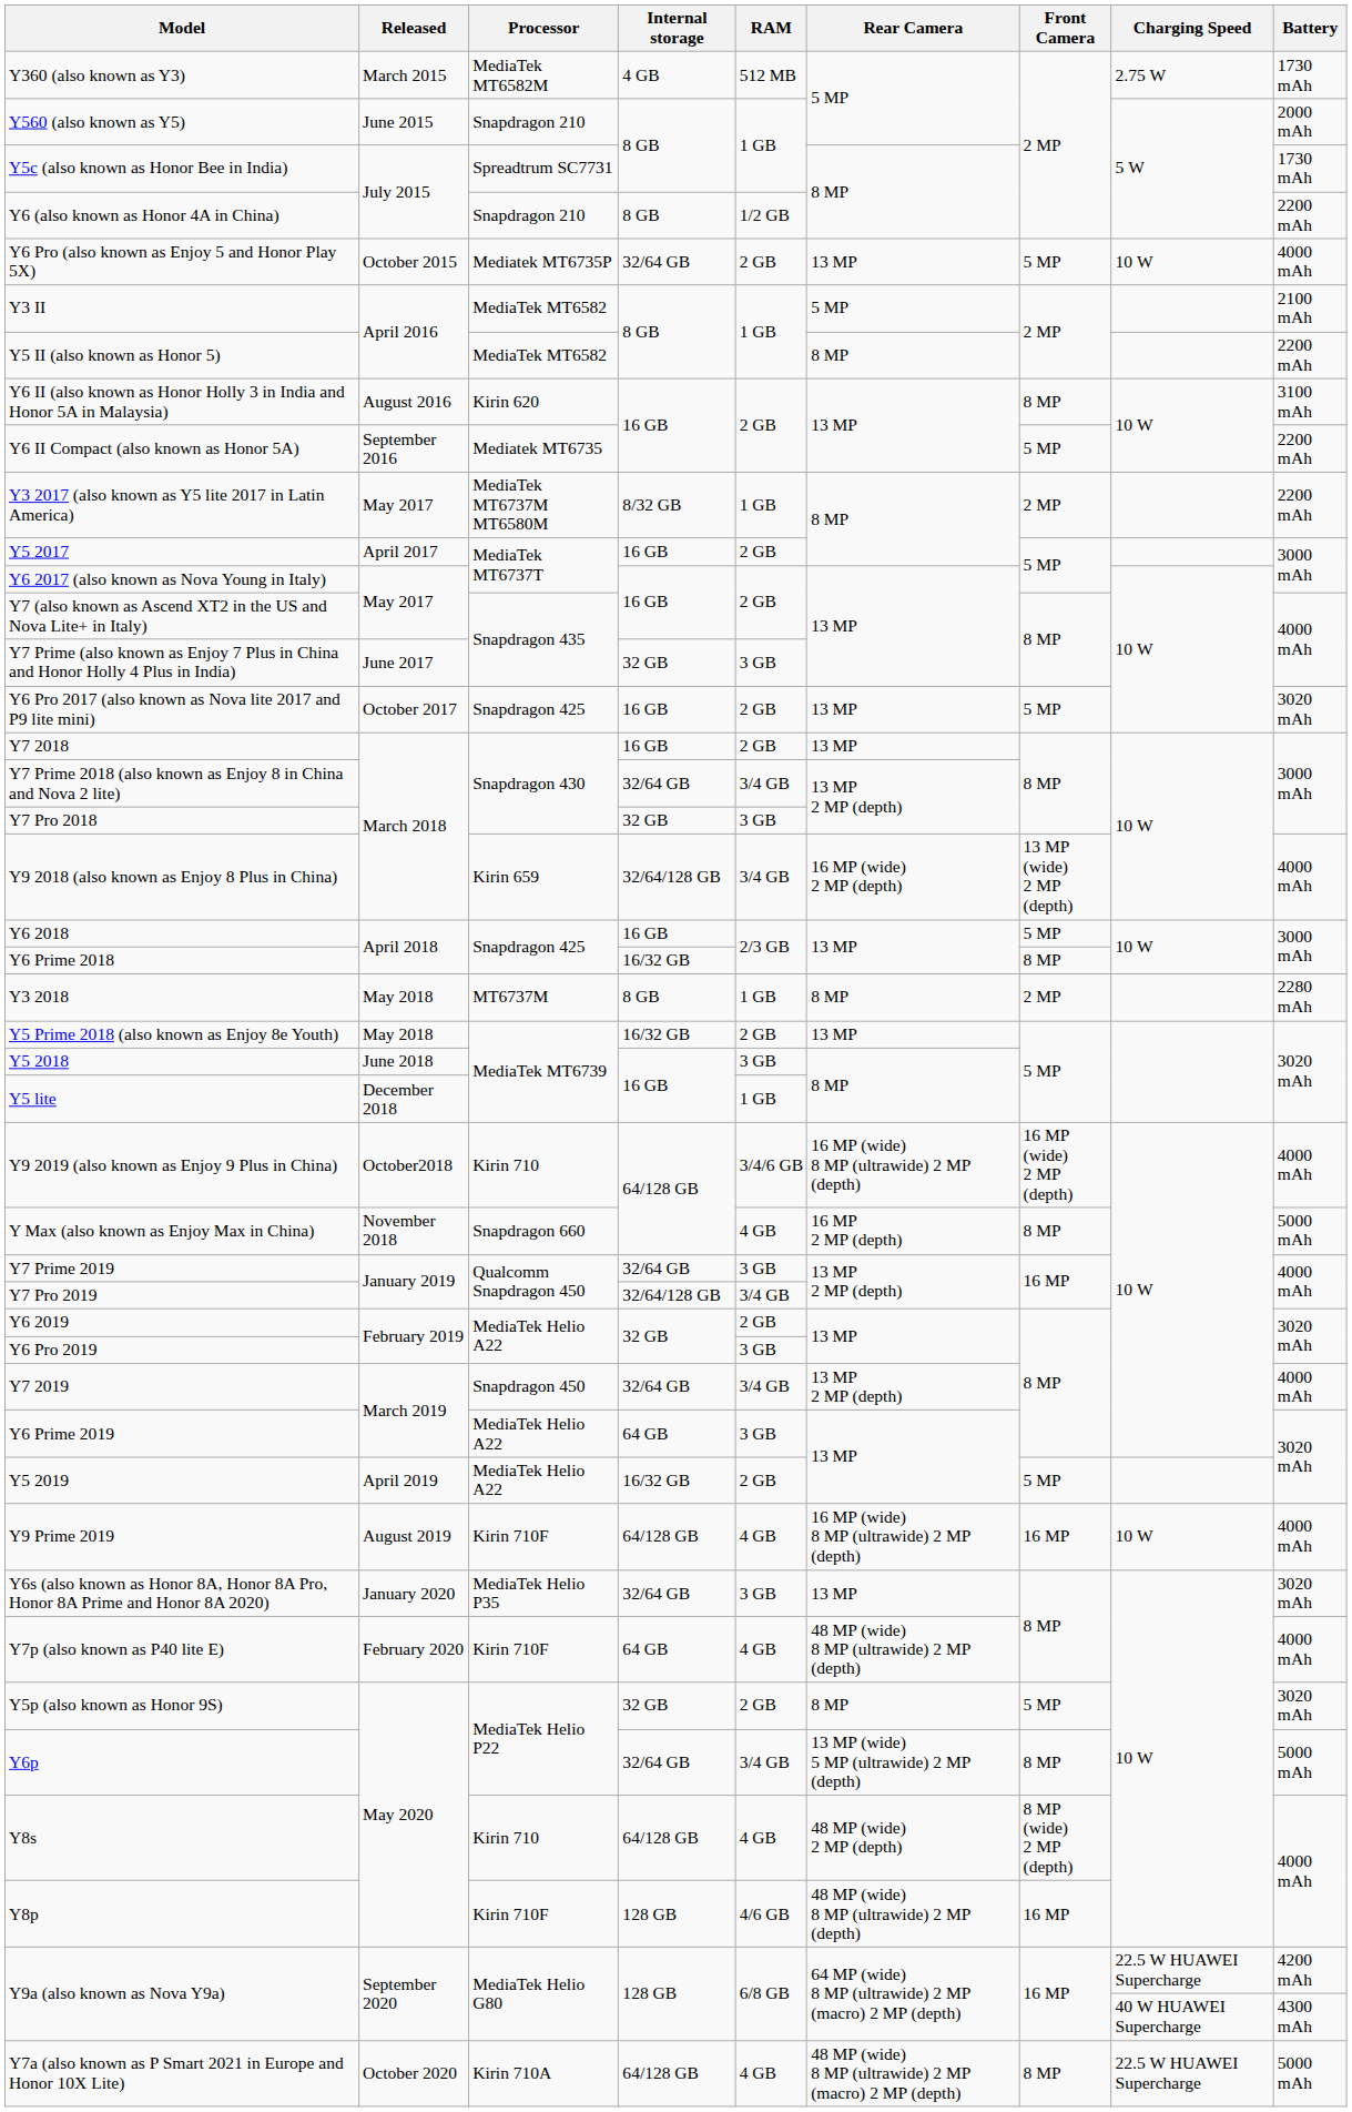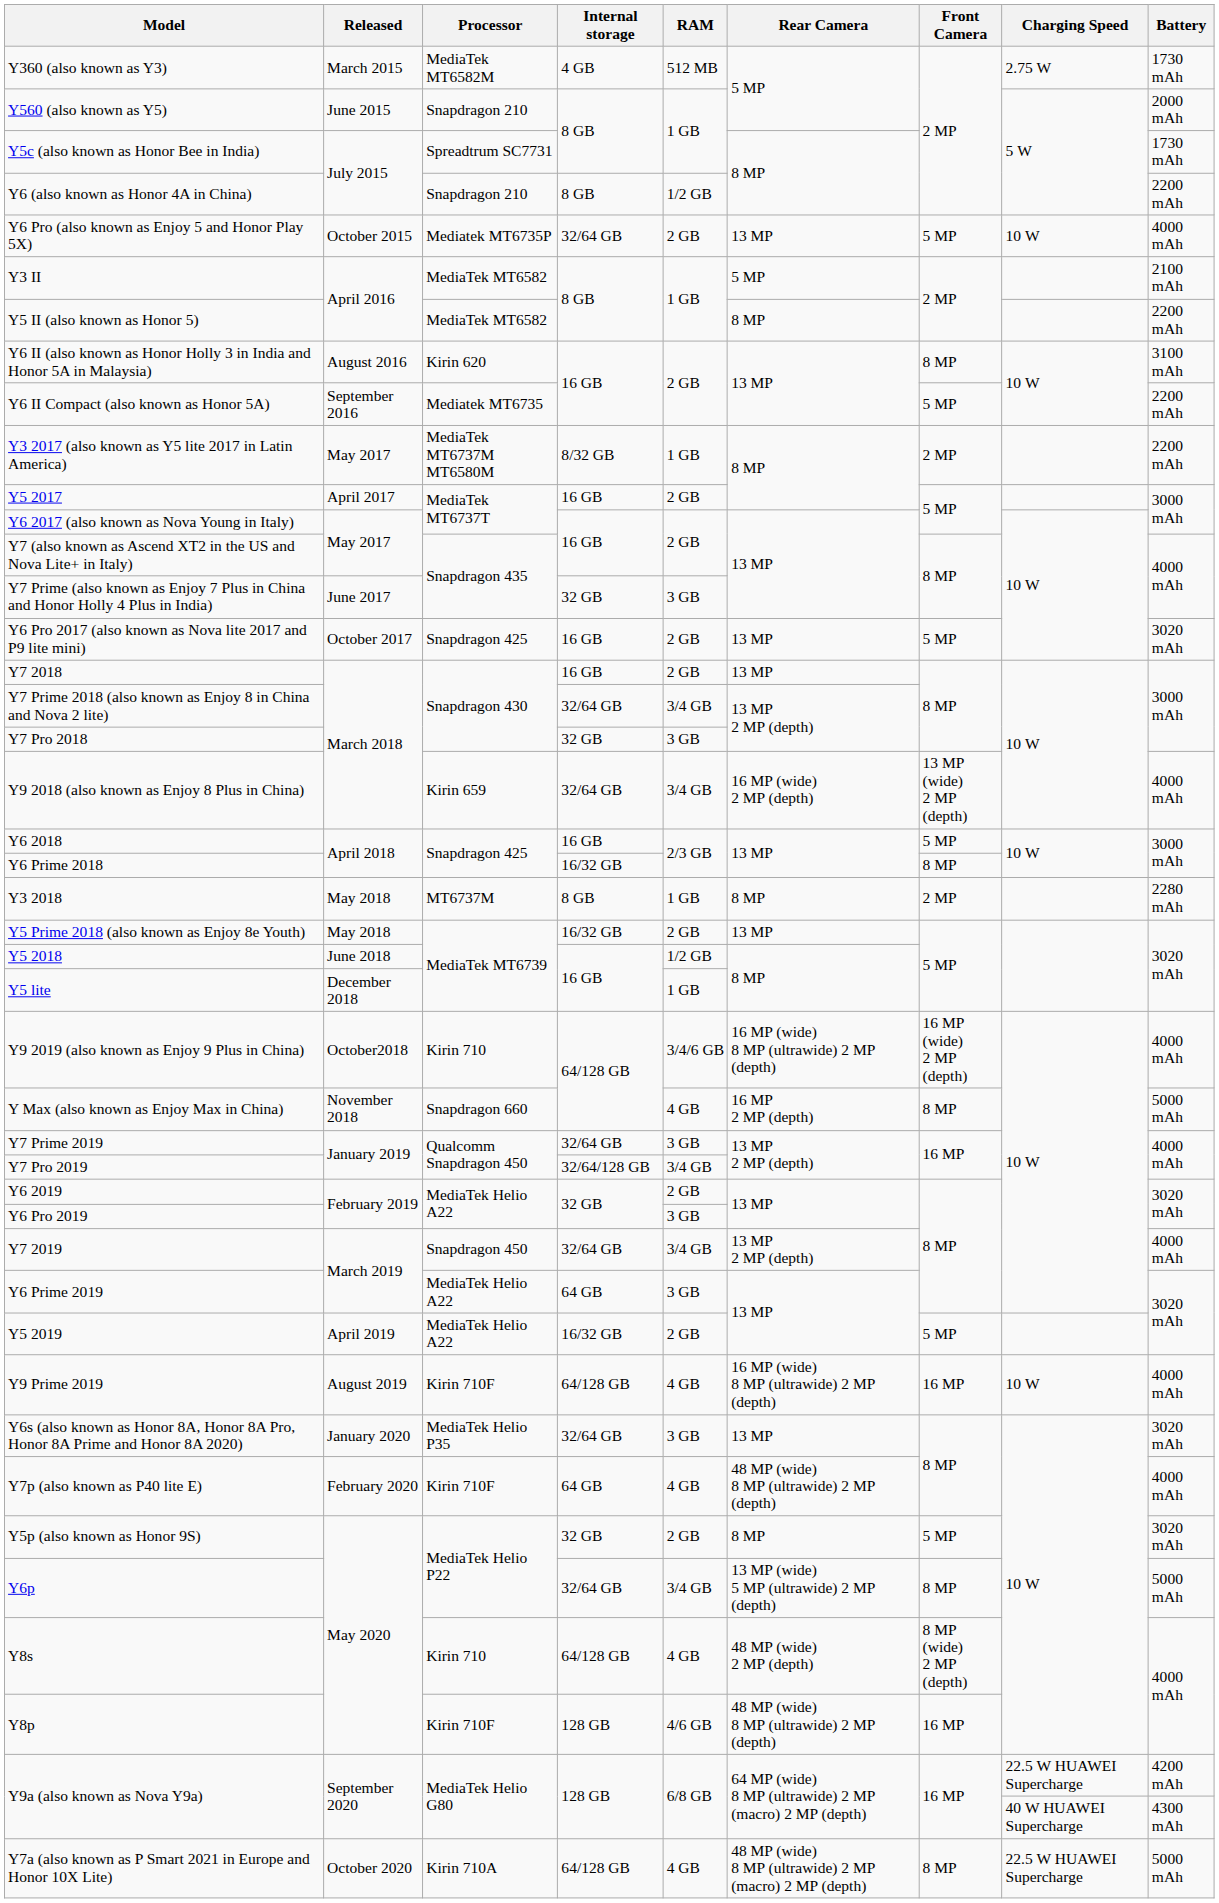 <table class="wikitable sortable">
 <tr>
 <th>Model</th>
 <th>Released</th>
 <th>Processor</th>
 <th>Internal storage</th>
 <th>RAM</th>
 <th>Rear Camera</th>
 <th>Front Camera</th>
 <th>Charging Speed</th>
 <th>Battery</th>
 </tr>
 <tr>
 <td>Y360 (also known as Y3)</td>
 <td>March 2015</td>
 <td>MediaTek MT6582M</td>
 <td>4 GB</td>
 <td>512 MB</td>
 <td rowspan="2">5 MP</td>
 <td rowspan="4">2 MP</td>
 <td>2.75 W</td>
 <td>1730 mAh</td>
 </tr>
 <tr>
 <td><a href='#'>Y560</a> (also known as Y5)</td>
 <td>June 2015</td>
 <td>Snapdragon 210</td>
 <td rowspan="2">8 GB</td>
 <td rowspan="2">1 GB</td>
 <td rowspan="3">5 W</td>
 <td>2000 mAh</td>
 </tr>
 <tr>
 <td><a href='#'>Y5c</a> (also known as Honor Bee in India)</td>
 <td rowspan="2">July 2015</td>
 <td>Spreadtrum SC7731</td>
 <td rowspan="2">8 MP</td>
 <td>1730 mAh</td>
 </tr>
 <tr>
 <td>Y6 (also known as Honor 4A in China)</td>
 <td>Snapdragon 210</td>
 <td>8 GB</td>
 <td>1/2 GB</td>
 <td>2200 mAh</td>
 </tr>
 <tr>
 <td>Y6 Pro (also known as Enjoy 5 and Honor Play 5X)</td>
 <td>October 2015</td>
 <td>Mediatek MT6735P</td>
 <td>32/64 GB</td>
 <td>2 GB</td>
 <td>13 MP</td>
 <td>5 MP</td>
 <td>10 W</td>
 <td>4000 mAh</td>
 </tr>
 <tr>
 <td>Y3 II</td>
 <td rowspan="2">April 2016</td>
 <td>MediaTek MT6582</td>
 <td rowspan="2">8 GB</td>
 <td rowspan="2">1 GB</td>
 <td>5 MP</td>
 <td rowspan="2">2 MP</td>
 <td></td>
 <td>2100 mAh</td>
 </tr>
 <tr>
 <td>Y5 II (also known as Honor 5)</td>
 <td>MediaTek MT6582</td>
 <td>8 MP</td>
 <td></td>
 <td>2200 mAh</td>
 </tr>
 <tr>
 <td>Y6 II (also known as Honor Holly 3 in India and Honor 5A in Malaysia)</td>
 <td>August 2016</td>
 <td>Kirin 620</td>
 <td rowspan="2">16 GB</td>
 <td rowspan="2">2 GB</td>
 <td rowspan="2">13 MP</td>
 <td>8 MP</td>
 <td rowspan="2">10 W</td>
 <td>3100 mAh</td>
 </tr>
 <tr>
 <td>Y6 II Compact (also known as Honor 5A)</td>
 <td>September 2016</td>
 <td>Mediatek MT6735</td>
 <td>5 MP</td>
 <td>2200 mAh</td>
 </tr>
 <tr>
 <td><a href='#'>Y3 2017</a> (also known as Y5 lite 2017 in Latin America)</td>
 <td>May 2017</td>
 <td>MediaTek MT6737M<br>MT6580M</td>
 <td>8/32 GB</td>
 <td>1 GB</td>
 <td rowspan="2">8 MP</td>
 <td>2 MP</td>
 <td></td>
 <td>2200 mAh</td>
 </tr>
 <tr>
 <td><a href='#'>Y5 2017</a></td>
 <td>April 2017</td>
 <td rowspan="2">MediaTek MT6737T</td>
 <td>16 GB</td>
 <td>2 GB</td>
 <td rowspan="2">5 MP</td>
 <td></td>
 <td rowspan="2">3000 mAh</td>
 </tr>
 <tr>
 <td><a href='#'>Y6 2017</a> (also known as Nova Young in Italy)</td>
 <td rowspan="2">May 2017</td>
 <td rowspan="2">16 GB</td>
 <td rowspan="2">2 GB</td>
 <td rowspan="3">13 MP</td>
 <td rowspan="4">10 W</td>
 </tr>
 <tr>
 <td>Y7 (also known as Ascend XT2 in the US and Nova Lite+ in Italy)</td>
 <td rowspan="2">Snapdragon 435</td>
 <td rowspan="2">8 MP</td>
 <td rowspan="2">4000 mAh</td>
 </tr>
 <tr>
 <td>Y7 Prime (also known as Enjoy 7 Plus in China and Honor Holly 4 Plus in India)</td>
 <td>June 2017</td>
 <td>32 GB</td>
 <td>3 GB</td>
 </tr>
 <tr>
 <td>Y6 Pro 2017 (also known as Nova lite 2017 and P9 lite mini)</td>
 <td>October 2017</td>
 <td>Snapdragon 425</td>
 <td>16 GB</td>
 <td>2 GB</td>
 <td>13 MP</td>
 <td>5 MP</td>
 <td>3020 mAh</td>
 </tr>
 <tr>
 <td>Y7 2018</td>
 <td rowspan="4">March 2018</td>
 <td rowspan="3">Snapdragon 430</td>
 <td>16 GB</td>
 <td>2 GB</td>
 <td>13 MP</td>
 <td rowspan="3">8 MP</td>
 <td rowspan="4">10 W</td>
 <td rowspan="3">3000 mAh</td>
 </tr>
 <tr>
 <td>Y7 Prime 2018 (also known as Enjoy 8 in China and Nova 2 lite)</td>
 <td>32/64 GB</td>
 <td>3/4 GB</td>
 <td rowspan="2">13 MP<br>2 MP (depth)</td>
 </tr>
 <tr>
 <td>Y7 Pro 2018</td>
 <td>32 GB</td>
 <td>3 GB</td>
 </tr>
 <tr>
 <td>Y9 2018 (also known as Enjoy 8 Plus in China)</td>
 <td>Kirin 659</td>
-<td>32/64/128 GB</td>
+<td>32/64 GB</td>
 <td>3/4 GB</td>
 <td>16 MP (wide)<br>2 MP (depth)</td>
 <td>13 MP (wide)<br>2 MP (depth)</td>
 <td>4000 mAh</td>
 </tr>
 <tr>
 <td>Y6 2018</td>
 <td rowspan="2">April 2018</td>
 <td rowspan="2">Snapdragon 425</td>
 <td>16 GB</td>
 <td rowspan="2">2/3 GB</td>
 <td rowspan="2">13 MP</td>
 <td>5 MP</td>
 <td rowspan="2">10 W</td>
 <td rowspan="2">3000 mAh</td>
 </tr>
 <tr>
 <td>Y6 Prime 2018</td>
 <td>16/32 GB</td>
 <td>8 MP</td>
 </tr>
 <tr>
 <td>Y3 2018</td>
 <td>May 2018</td>
 <td>MT6737M</td>
 <td>8 GB</td>
 <td>1 GB</td>
 <td>8 MP</td>
 <td>2 MP</td>
 <td></td>
 <td>2280 mAh</td>
 </tr>
 <tr>
 <td><a href='#'>Y5 Prime 2018</a> (also known as Enjoy 8e Youth)</td>
 <td>May 2018</td>
 <td rowspan="3">MediaTek MT6739</td>
 <td>16/32 GB</td>
 <td>2 GB</td>
 <td>13 MP</td>
 <td rowspan="3">5 MP</td>
 <td rowspan="3"></td>
 <td rowspan="3">3020 mAh</td>
 </tr>
 <tr>
 <td><a href='#'>Y5 2018</a></td>
 <td>June 2018</td>
 <td rowspan="2">16 GB</td>
-<td>3 GB</td>
+<td>1/2 GB</td>
 <td rowspan="2">8 MP</td>
 </tr>
 <tr>
 <td><a href='#'>Y5 lite</a></td>
 <td>December 2018</td>
 <td>1 GB</td>
 </tr>
 <tr>
 <td>Y9 2019 (also known as Enjoy 9 Plus in China)</td>
 <td>October2018</td>
 <td>Kirin 710</td>
 <td rowspan="2">64/128 GB</td>
 <td>3/4/6 GB</td>
 <td>16 MP (wide)<br>8 MP (ultrawide) 2 MP (depth)</td>
 <td>16 MP (wide)<br>2 MP (depth)</td>
 <td rowspan="8">10 W</td>
 <td>4000 mAh</td>
 </tr>
 <tr>
 <td>Y Max (also known as Enjoy Max in China)</td>
 <td>November 2018</td>
 <td>Snapdragon 660</td>
 <td>4 GB</td>
 <td>16 MP<br>2 MP (depth)</td>
 <td>8 MP</td>
 <td>5000 mAh</td>
 </tr>
 <tr>
 <td>Y7 Prime 2019</td>
 <td rowspan="2">January 2019</td>
 <td rowspan="2">Qualcomm Snapdragon 450</td>
 <td>32/64 GB</td>
 <td>3 GB</td>
 <td rowspan="2">13 MP<br>2 MP (depth)</td>
 <td rowspan="2">16 MP</td>
 <td rowspan="2">4000 mAh</td>
 </tr>
 <tr>
 <td>Y7 Pro 2019</td>
 <td>32/64/128 GB</td>
 <td>3/4 GB</td>
 </tr>
 <tr>
 <td>Y6 2019</td>
 <td rowspan="2">February 2019</td>
 <td rowspan="2">MediaTek Helio A22</td>
 <td rowspan="2">32 GB</td>
 <td>2 GB</td>
 <td rowspan="2">13 MP</td>
 <td rowspan="4">8 MP</td>
 <td rowspan="2">3020 mAh</td>
 </tr>
 <tr>
 <td>Y6 Pro 2019</td>
 <td>3 GB</td>
 </tr>
 <tr>
 <td>Y7 2019</td>
 <td rowspan="2">March 2019</td>
 <td>Snapdragon 450</td>
 <td>32/64 GB</td>
 <td>3/4 GB</td>
 <td>13 MP<br>2 MP (depth)</td>
 <td>4000 mAh</td>
 </tr>
 <tr>
 <td>Y6 Prime 2019</td>
 <td>MediaTek Helio A22</td>
 <td>64 GB</td>
 <td>3 GB</td>
 <td rowspan="2">13 MP</td>
 <td rowspan="2">3020 mAh</td>
 </tr>
 <tr>
 <td>Y5 2019</td>
 <td>April 2019</td>
 <td>MediaTek Helio A22</td>
 <td>16/32 GB</td>
 <td>2 GB</td>
 <td>5 MP</td>
 <td></td>
 </tr>
 <tr>
 <td>Y9 Prime 2019</td>
 <td>August 2019</td>
 <td>Kirin 710F</td>
 <td>64/128 GB</td>
 <td>4 GB</td>
 <td>16 MP (wide)<br>8 MP (ultrawide) 2 MP (depth)</td>
 <td>16 MP</td>
 <td>10 W</td>
 <td>4000 mAh</td>
 </tr>
 <tr>
 <td>Y6s (also known as Honor 8A, Honor 8A Pro, Honor 8A Prime and Honor 8A 2020)</td>
 <td>January 2020</td>
 <td>MediaTek Helio P35</td>
 <td>32/64 GB</td>
 <td>3 GB</td>
 <td>13 MP</td>
 <td rowspan="2">8 MP</td>
 <td rowspan="6">10 W</td>
 <td>3020 mAh</td>
 </tr>
 <tr>
 <td>Y7p (also known as P40 lite E)</td>
 <td>February 2020</td>
 <td>Kirin 710F</td>
 <td>64 GB</td>
 <td>4 GB</td>
 <td>48 MP (wide)<br>8 MP (ultrawide) 2 MP (depth)</td>
 <td>4000 mAh</td>
 </tr>
 <tr>
 <td>Y5p (also known as Honor 9S)</td>
 <td rowspan="4">May 2020</td>
 <td rowspan="2">MediaTek Helio P22</td>
 <td>32 GB</td>
 <td>2 GB</td>
 <td>8 MP</td>
 <td>5 MP</td>
 <td>3020 mAh</td>
 </tr>
 <tr>
 <td><a href='#'>Y6p</a></td>
 <td>32/64 GB</td>
 <td>3/4 GB</td>
 <td>13 MP (wide)<br>5 MP (ultrawide) 2 MP (depth)</td>
 <td>8 MP</td>
 <td>5000 mAh</td>
 </tr>
 <tr>
 <td>Y8s</td>
 <td>Kirin 710</td>
 <td>64/128 GB</td>
 <td>4 GB</td>
 <td>48 MP (wide)<br>2 MP (depth)</td>
 <td>8 MP (wide)<br>2 MP (depth)</td>
 <td rowspan="2">4000 mAh</td>
 </tr>
 <tr>
 <td>Y8p</td>
 <td>Kirin 710F</td>
 <td>128 GB</td>
 <td>4/6 GB</td>
 <td>48 MP (wide)<br>8 MP (ultrawide) 2 MP (depth)</td>
 <td>16 MP</td>
 </tr>
 <tr>
 <td rowspan="2">Y9a (also known as Nova Y9a)</td>
 <td rowspan="2">September 2020</td>
 <td rowspan="2">MediaTek Helio G80</td>
 <td rowspan="2">128 GB</td>
 <td rowspan="2">6/8 GB</td>
 <td rowspan="2">64 MP (wide)<br>8 MP (ultrawide) 2 MP (macro) 2 MP (depth)</td>
 <td rowspan="2">16 MP</td>
 <td>22.5 W HUAWEI Supercharge</td>
 <td>4200 mAh</td>
 </tr>
 <tr>
 <td>40 W HUAWEI Supercharge</td>
 <td>4300 mAh</td>
 </tr>
 <tr>
 <td>Y7a (also known as P Smart 2021 in Europe and Honor 10X Lite)</td>
 <td>October 2020</td>
 <td>Kirin 710A</td>
 <td>64/128 GB</td>
 <td>4 GB</td>
 <td>48 MP (wide)<br>8 MP (ultrawide) 2 MP (macro) 2 MP (depth)</td>
 <td>8 MP</td>
 <td>22.5 W HUAWEI Supercharge</td>
 <td>5000 mAh</td>
 </tr>
 </table>
